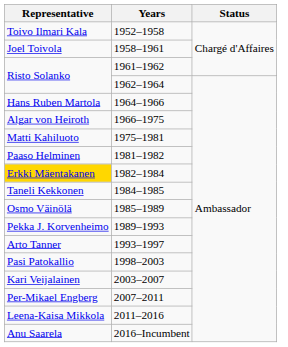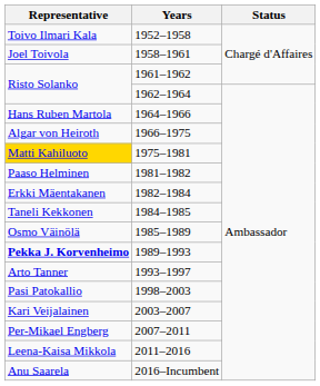 <table class="wikitable sortable">
 <tr>
 <th>Representative</th>
 <th>Years</th>
 <th>Status</th>
 </tr>
 <tr>
 <td><a href='#'>Toivo Ilmari Kala</a></td>
 <td>1952–1958</td>
 <td rowspan="3">Chargé d'Affaires</td>
 </tr>
 <tr>
 <td><a href='#'>Joel Toivola</a></td>
 <td>1958–1961</td>
 </tr>
 <tr>
 <td rowspan="2"><a href='#'>Risto Solanko</a></td>
 <td>1961–1962</td>
 </tr>
 <tr>
 <td>1962–1964</td>
 <td rowspan="15">Ambassador</td>
 </tr>
 <tr>
 <td><a href='#'>Hans Ruben Martola</a></td>
 <td>1964–1966</td>
 </tr>
 <tr>
 <td><a href='#'>Algar von Heiroth</a></td>
 <td>1966–1975</td>
 </tr>
 <tr>
-<td><a href='#'>Matti Kahiluoto</a></td>
+<td style="background: gold;"><a href='#'>Matti Kahiluoto</a></td>
 <td>1975–1981</td>
 </tr>
 <tr>
 <td><a href='#'>Paaso Helminen</a></td>
 <td>1981–1982</td>
 </tr>
 <tr>
-<td style="background: gold;"><a href='#'>Erkki Mäentakanen</a></td>
+<td><a href='#'>Erkki Mäentakanen</a></td>
 <td>1982–1984</td>
 </tr>
 <tr>
 <td><a href='#'>Taneli Kekkonen</a></td>
 <td>1984–1985</td>
 </tr>
 <tr>
 <td><a href='#'>Osmo Väinölä</a></td>
 <td>1985–1989</td>
 </tr>
 <tr>
-<td><a href='#'>Pekka J. Korvenheimo</a></td>
+<td><strong><a href='#'>Pekka J. Korvenheimo</a></strong></td>
 <td>1989–1993</td>
 </tr>
 <tr>
 <td><a href='#'>Arto Tanner</a></td>
 <td>1993–1997</td>
 </tr>
 <tr>
 <td><a href='#'>Pasi Patokallio</a></td>
 <td>1998–2003</td>
 </tr>
 <tr>
 <td><a href='#'>Kari Veijalainen</a></td>
 <td>2003–2007</td>
 </tr>
 <tr>
 <td><a href='#'>Per-Mikael Engberg</a></td>
 <td>2007–2011</td>
 </tr>
 <tr>
 <td><a href='#'>Leena-Kaisa Mikkola</a></td>
 <td>2011–2016</td>
 </tr>
 <tr>
 <td><a href='#'>Anu Saarela</a></td>
 <td>2016–Incumbent</td>
 </tr>
 </table>
